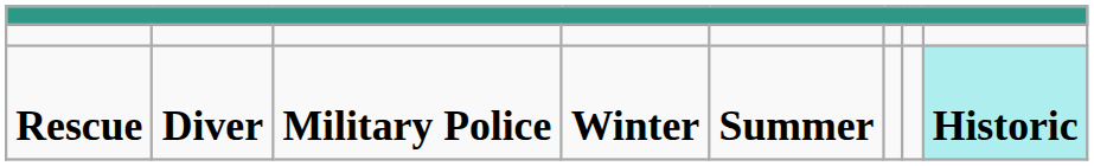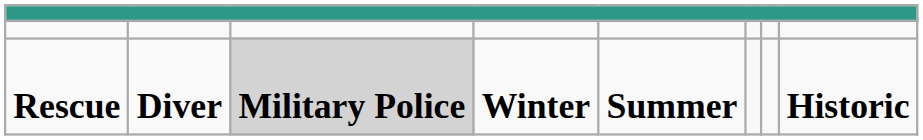 <table class="wikitable">
 <tr bgcolor="#2d9885">
 <td colspan=8></td>
 </tr>
 <tr>
 <td></td>
 <td></td>
 <td></td>
 <td></td>
 <td></td>
 <td></td>
 <td></td>
 <td></td>
 </tr>
 <tr>
 <td><br><strong>Rescue</strong></td>
 <td><br><strong>Diver</strong></td>
-<td><br><strong>Military Police</strong></td>
+<td style="background: lightgrey;"><br><strong>Military Police</strong></td>
 <td><br><strong>Winter</strong></td>
 <td><br><strong>Summer</strong></td>
 <td></td>
 <td></td>
-<td style="background: paleturquoise;"><br><strong>Historic</strong></td>
+<td><br><strong>Historic</strong></td>
 </tr>
 </table>
